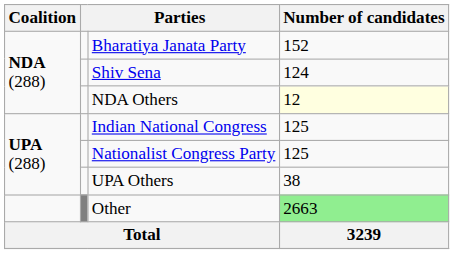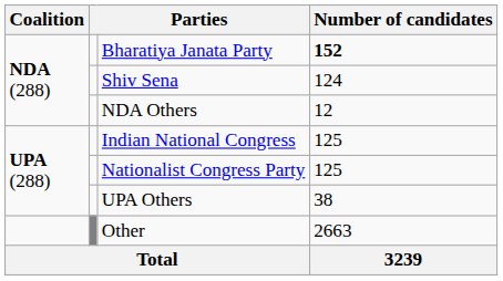 <table class="wikitable sortable" style="text-align:left;">
 <tr>
 <th>Coalition</th>
 <th colspan="2">Parties</th>
 <th>Number of candidates</th>
 </tr>
 <tr>
 <td rowspan="3"><strong>NDA</strong> <br>(288)</td>
 <td style="color:inherit;background-color:"></td>
 <td><a href='#'>Bharatiya Janata Party</a></td>
-<td>152</td>
+<td><strong>152</strong></td>
 </tr>
 <tr>
 <td style="color:inherit;background-color: "></td>
 <td><a href='#'>Shiv Sena</a></td>
 <td>124</td>
 </tr>
 <tr>
 <td></td>
 <td>NDA Others</td>
-<td style="background: lightyellow;">12</td>
+<td>12</td>
 </tr>
 <tr>
 <td rowspan="3"><strong>UPA</strong><br>(288)</td>
 <td style="color:inherit;background-color: "></td>
 <td><a href='#'>Indian National Congress</a></td>
 <td>125</td>
 </tr>
 <tr>
 <td style="color:inherit;background-color: "></td>
 <td><a href='#'>Nationalist Congress Party</a></td>
 <td>125</td>
 </tr>
 <tr>
 <td></td>
 <td>UPA Others</td>
 <td>38</td>
 </tr>
 <tr>
 <td></td>
 <td style="color:inherit;background-color: grey"></td>
 <td>Other</td>
-<td style="background: lightgreen;">2663</td>
+<td>2663</td>
 </tr>
 <tr>
 <th colspan="3"><strong>Total</strong></th>
 <th>3239</th>
 </tr>
 <tr>
 </tr>
 </table>
